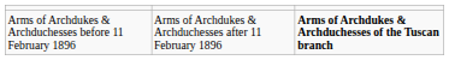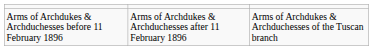 <table class="wikitable center" style="table-layout:fixed">
 <tr>
 <td></td>
 <td></td>
 <td></td>
 </tr>
 <tr>
 <td>Arms of Archdukes & Archduchesses before 11 February 1896</td>
 <td>Arms of Archdukes & Archduchesses after 11 February 1896</td>
-<td><strong>Arms of Archdukes & Archduchesses of the Tuscan branch</strong></td>
+<td>Arms of Archdukes & Archduchesses of the Tuscan branch</td>
 </tr>
 </table>
